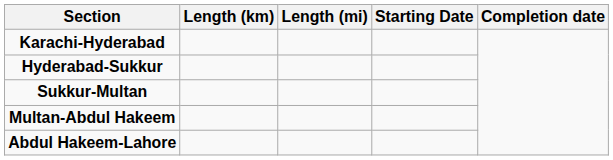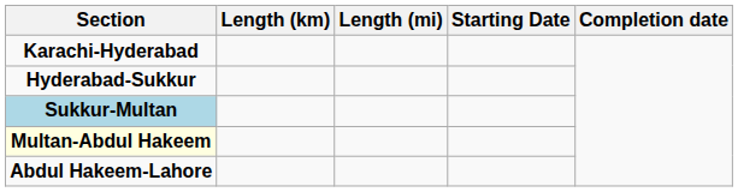 <table class="wikitable sortable">
 <tr>
 <th>Section</th>
 <th>Length (km)</th>
 <th>Length (mi)</th>
 <th>Starting Date</th>
 <th>Completion date</th>
 </tr>
 <tr align="center">
 <td><strong>Karachi-Hyderabad</strong></td>
 <td></td>
 <td></td>
 <td></td>
 </tr>
 <tr align="center">
 <td><strong>Hyderabad-Sukkur</strong></td>
 <td></td>
 <td></td>
 <td></td>
 </tr>
 <tr align="center">
-<td><strong>Sukkur-Multan</strong></td>
+<td style="background: lightblue;"><strong>Sukkur-Multan</strong></td>
 <td></td>
 <td></td>
 <td></td>
 </tr>
 <tr align="center">
-<td><strong>Multan-Abdul Hakeem</strong></td>
+<td style="background: lightyellow;"><strong>Multan-Abdul Hakeem</strong></td>
 <td></td>
 <td></td>
 <td></td>
 </tr>
 <tr align="center">
 <td><strong>Abdul Hakeem-Lahore</strong></td>
 <td></td>
 <td></td>
 <td></td>
 </tr>
 </table>
